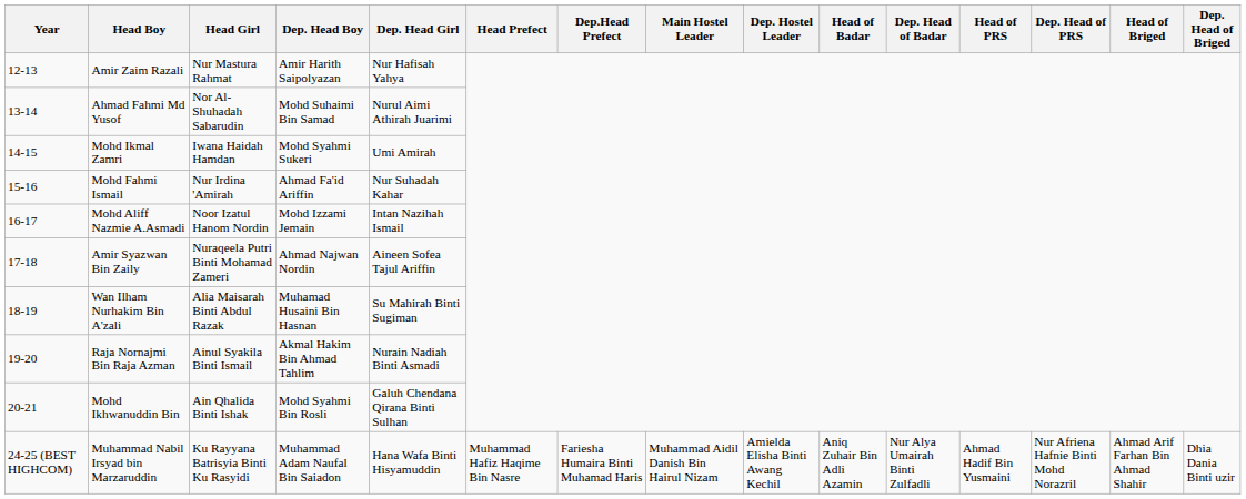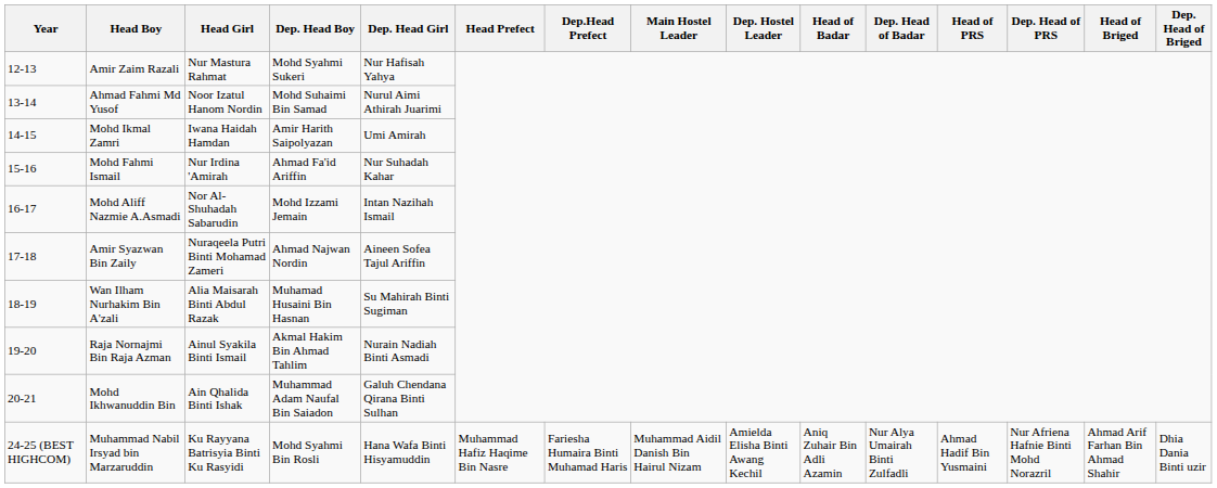 <table class="wikitable">
 <tr>
 <th>Year</th>
 <th>Head Boy</th>
 <th>Head Girl</th>
 <th>Dep. Head Boy</th>
 <th>Dep. Head Girl</th>
 <th>Head Prefect</th>
 <th>Dep.Head Prefect</th>
 <th>Main Hostel Leader</th>
 <th>Dep. Hostel Leader</th>
 <th>Head of Badar</th>
 <th>Dep. Head of Badar</th>
 <th>Head of PRS</th>
 <th>Dep. Head of PRS</th>
 <th>Head of Briged</th>
 <th>Dep. Head of Briged</th>
 </tr>
 <tr>
 <td>12-13</td>
 <td>Amir Zaim Razali</td>
 <td>Nur Mastura Rahmat</td>
-<td>Amir Harith Saipolyazan</td>
+<td>Mohd Syahmi Sukeri</td>
 <td>Nur Hafisah Yahya</td>
 </tr>
 <tr>
 <td>13-14</td>
 <td>Ahmad Fahmi Md Yusof</td>
-<td>Nor Al-Shuhadah Sabarudin</td>
+<td>Noor Izatul Hanom Nordin</td>
 <td>Mohd Suhaimi Bin Samad</td>
 <td>Nurul Aimi Athirah Juarimi</td>
 </tr>
 <tr>
 <td>14-15</td>
 <td>Mohd Ikmal Zamri</td>
 <td>Iwana Haidah Hamdan</td>
-<td>Mohd Syahmi Sukeri</td>
+<td>Amir Harith Saipolyazan</td>
 <td>Umi Amirah</td>
 </tr>
 <tr>
 <td>15-16</td>
 <td>Mohd Fahmi Ismail</td>
 <td>Nur Irdina 'Amirah</td>
 <td>Ahmad Fa'id Ariffin</td>
 <td>Nur Suhadah Kahar</td>
 </tr>
 <tr>
 <td>16-17</td>
 <td>Mohd Aliff Nazmie A.Asmadi</td>
-<td>Noor Izatul Hanom Nordin</td>
+<td>Nor Al-Shuhadah Sabarudin</td>
 <td>Mohd Izzami Jemain</td>
 <td>Intan Nazihah Ismail</td>
 </tr>
 <tr>
 <td>17-18</td>
 <td>Amir Syazwan Bin Zaily</td>
 <td>Nuraqeela Putri Binti Mohamad Zameri</td>
 <td>Ahmad Najwan Nordin</td>
 <td>Aineen Sofea Tajul Ariffin</td>
 </tr>
 <tr>
 <td>18-19</td>
 <td>Wan Ilham Nurhakim Bin A'zali</td>
 <td>Alia Maisarah Binti Abdul Razak</td>
 <td>Muhamad Husaini Bin Hasnan</td>
 <td>Su Mahirah Binti Sugiman</td>
 </tr>
 <tr>
 <td>19-20</td>
 <td>Raja Nornajmi Bin Raja Azman</td>
 <td>Ainul Syakila Binti Ismail</td>
 <td>Akmal Hakim Bin Ahmad Tahlim</td>
 <td>Nurain Nadiah Binti Asmadi</td>
 </tr>
 <tr>
 <td>20-21</td>
 <td>Mohd Ikhwanuddin Bin</td>
 <td>Ain Qhalida Binti Ishak</td>
-<td>Mohd Syahmi Bin Rosli</td>
+<td>Muhammad Adam Naufal Bin Saiadon</td>
 <td>Galuh Chendana Qirana Binti Sulhan</td>
 </tr>
 <tr>
 <td>24-25 (BEST HIGHCOM)</td>
 <td>Muhammad Nabil Irsyad bin Marzaruddin</td>
 <td>Ku Rayyana Batrisyia Binti Ku Rasyidi</td>
-<td>Muhammad Adam Naufal Bin Saiadon</td>
+<td>Mohd Syahmi Bin Rosli</td>
 <td>Hana Wafa Binti Hisyamuddin</td>
 <td>Muhammad Hafiz Haqime Bin Nasre</td>
 <td>Fariesha Humaira Binti Muhamad Haris</td>
 <td>Muhammad Aidil Danish Bin Hairul Nizam</td>
 <td>Amielda Elisha Binti Awang Kechil</td>
 <td>Aniq Zuhair Bin Adli Azamin</td>
 <td>Nur Alya Umairah Binti Zulfadli</td>
 <td>Ahmad Hadif Bin Yusmaini</td>
 <td>Nur Afriena Hafnie Binti Mohd Norazril</td>
 <td>Ahmad Arif Farhan Bin Ahmad Shahir</td>
 <td>Dhia Dania Binti uzir</td>
 </tr>
 </table>
